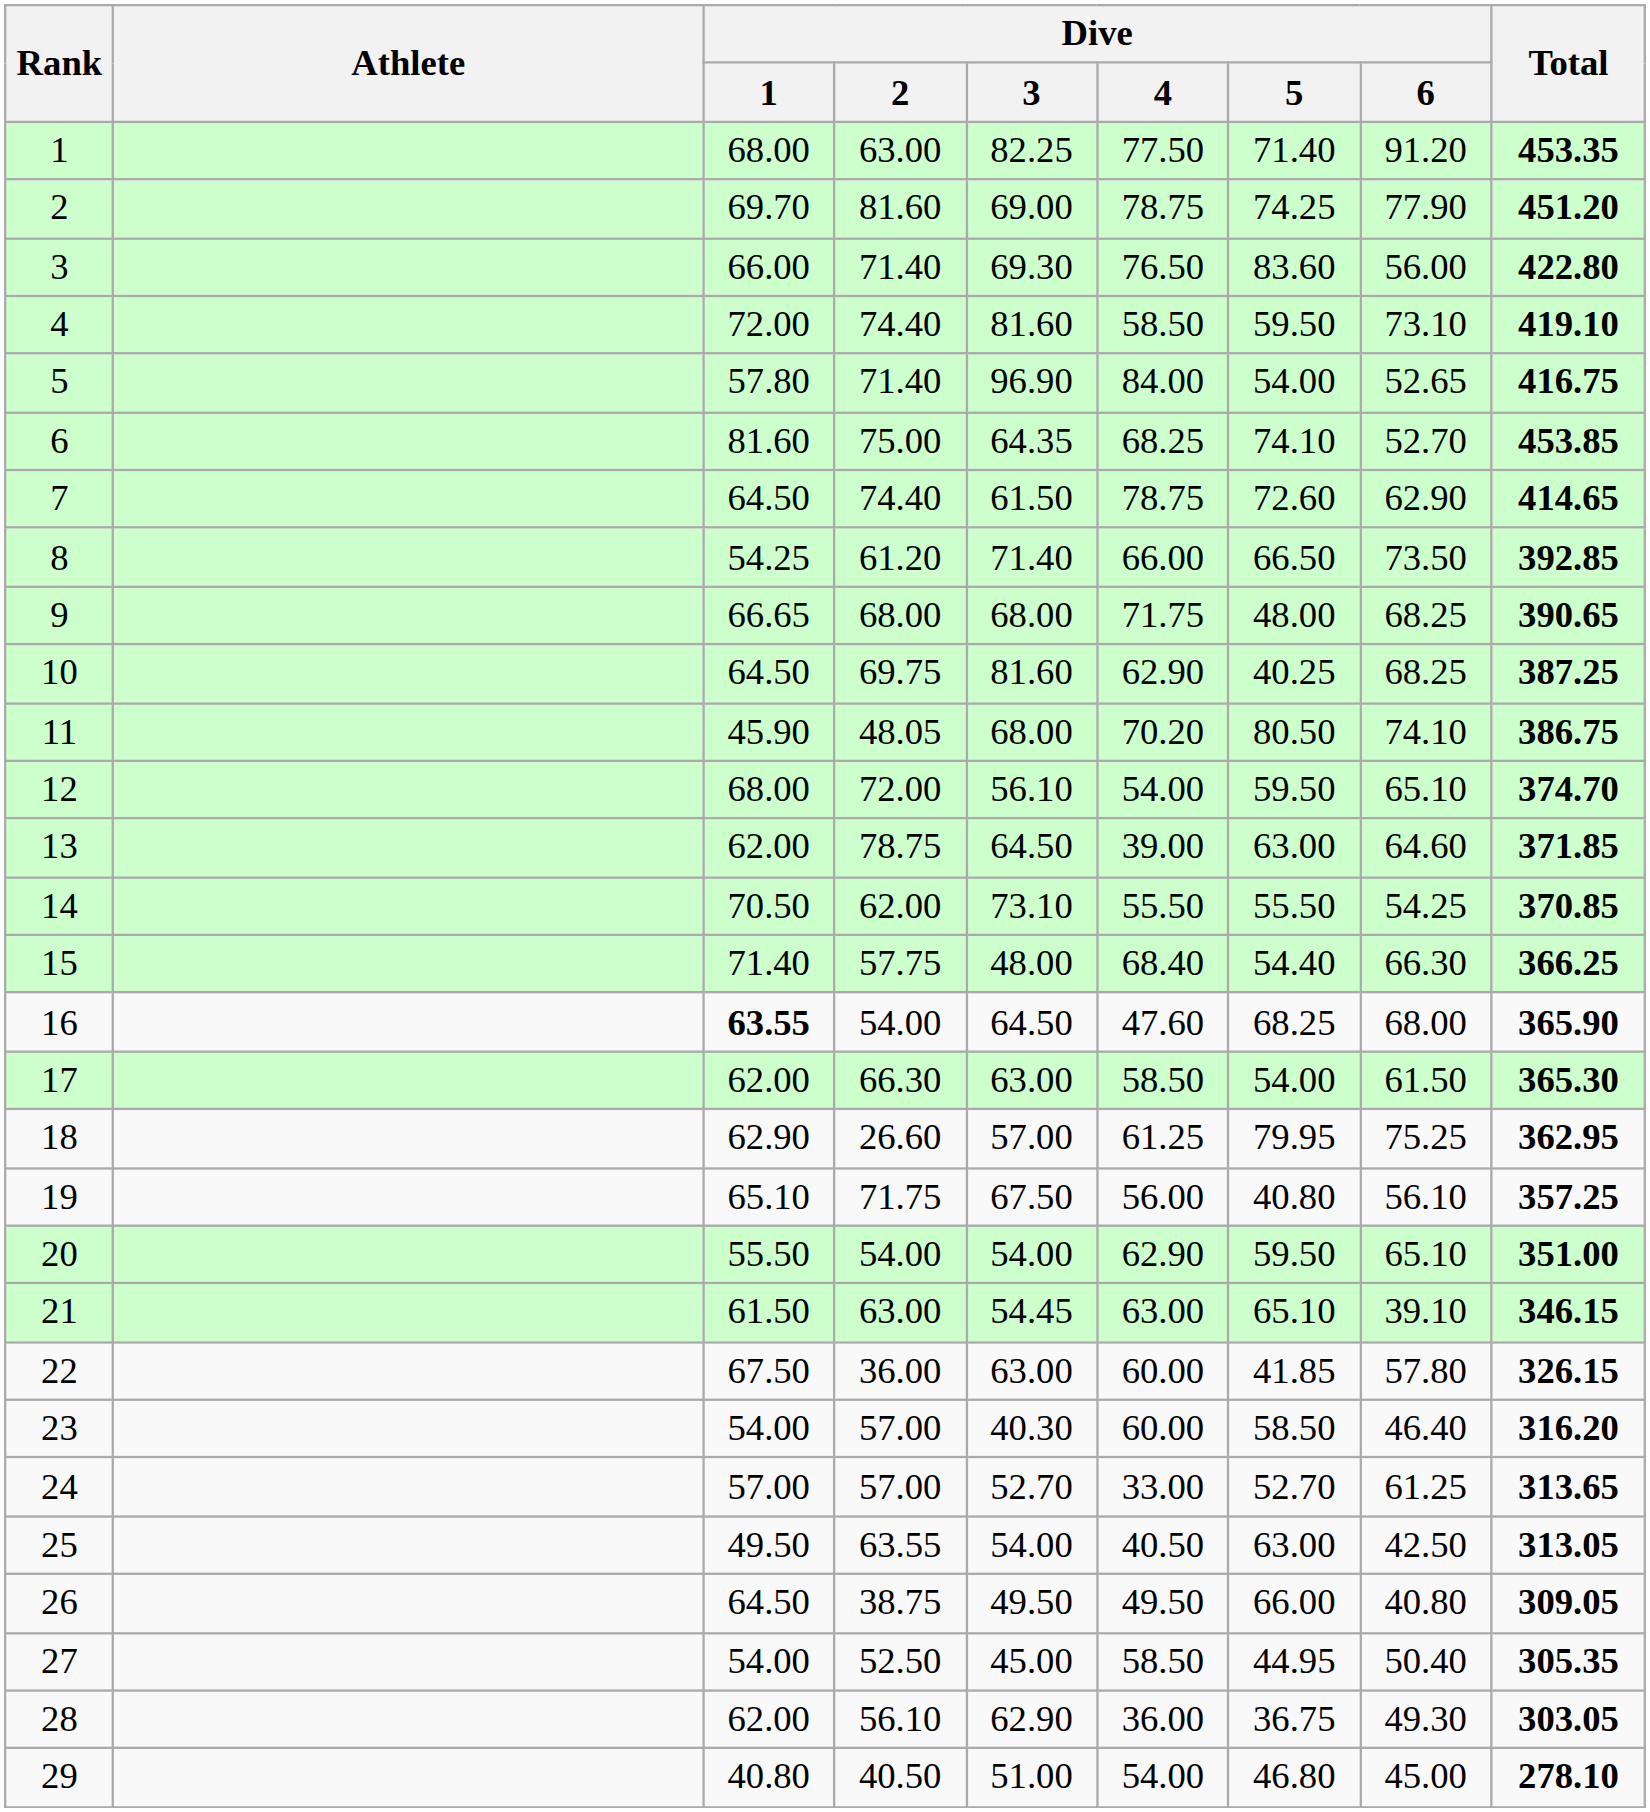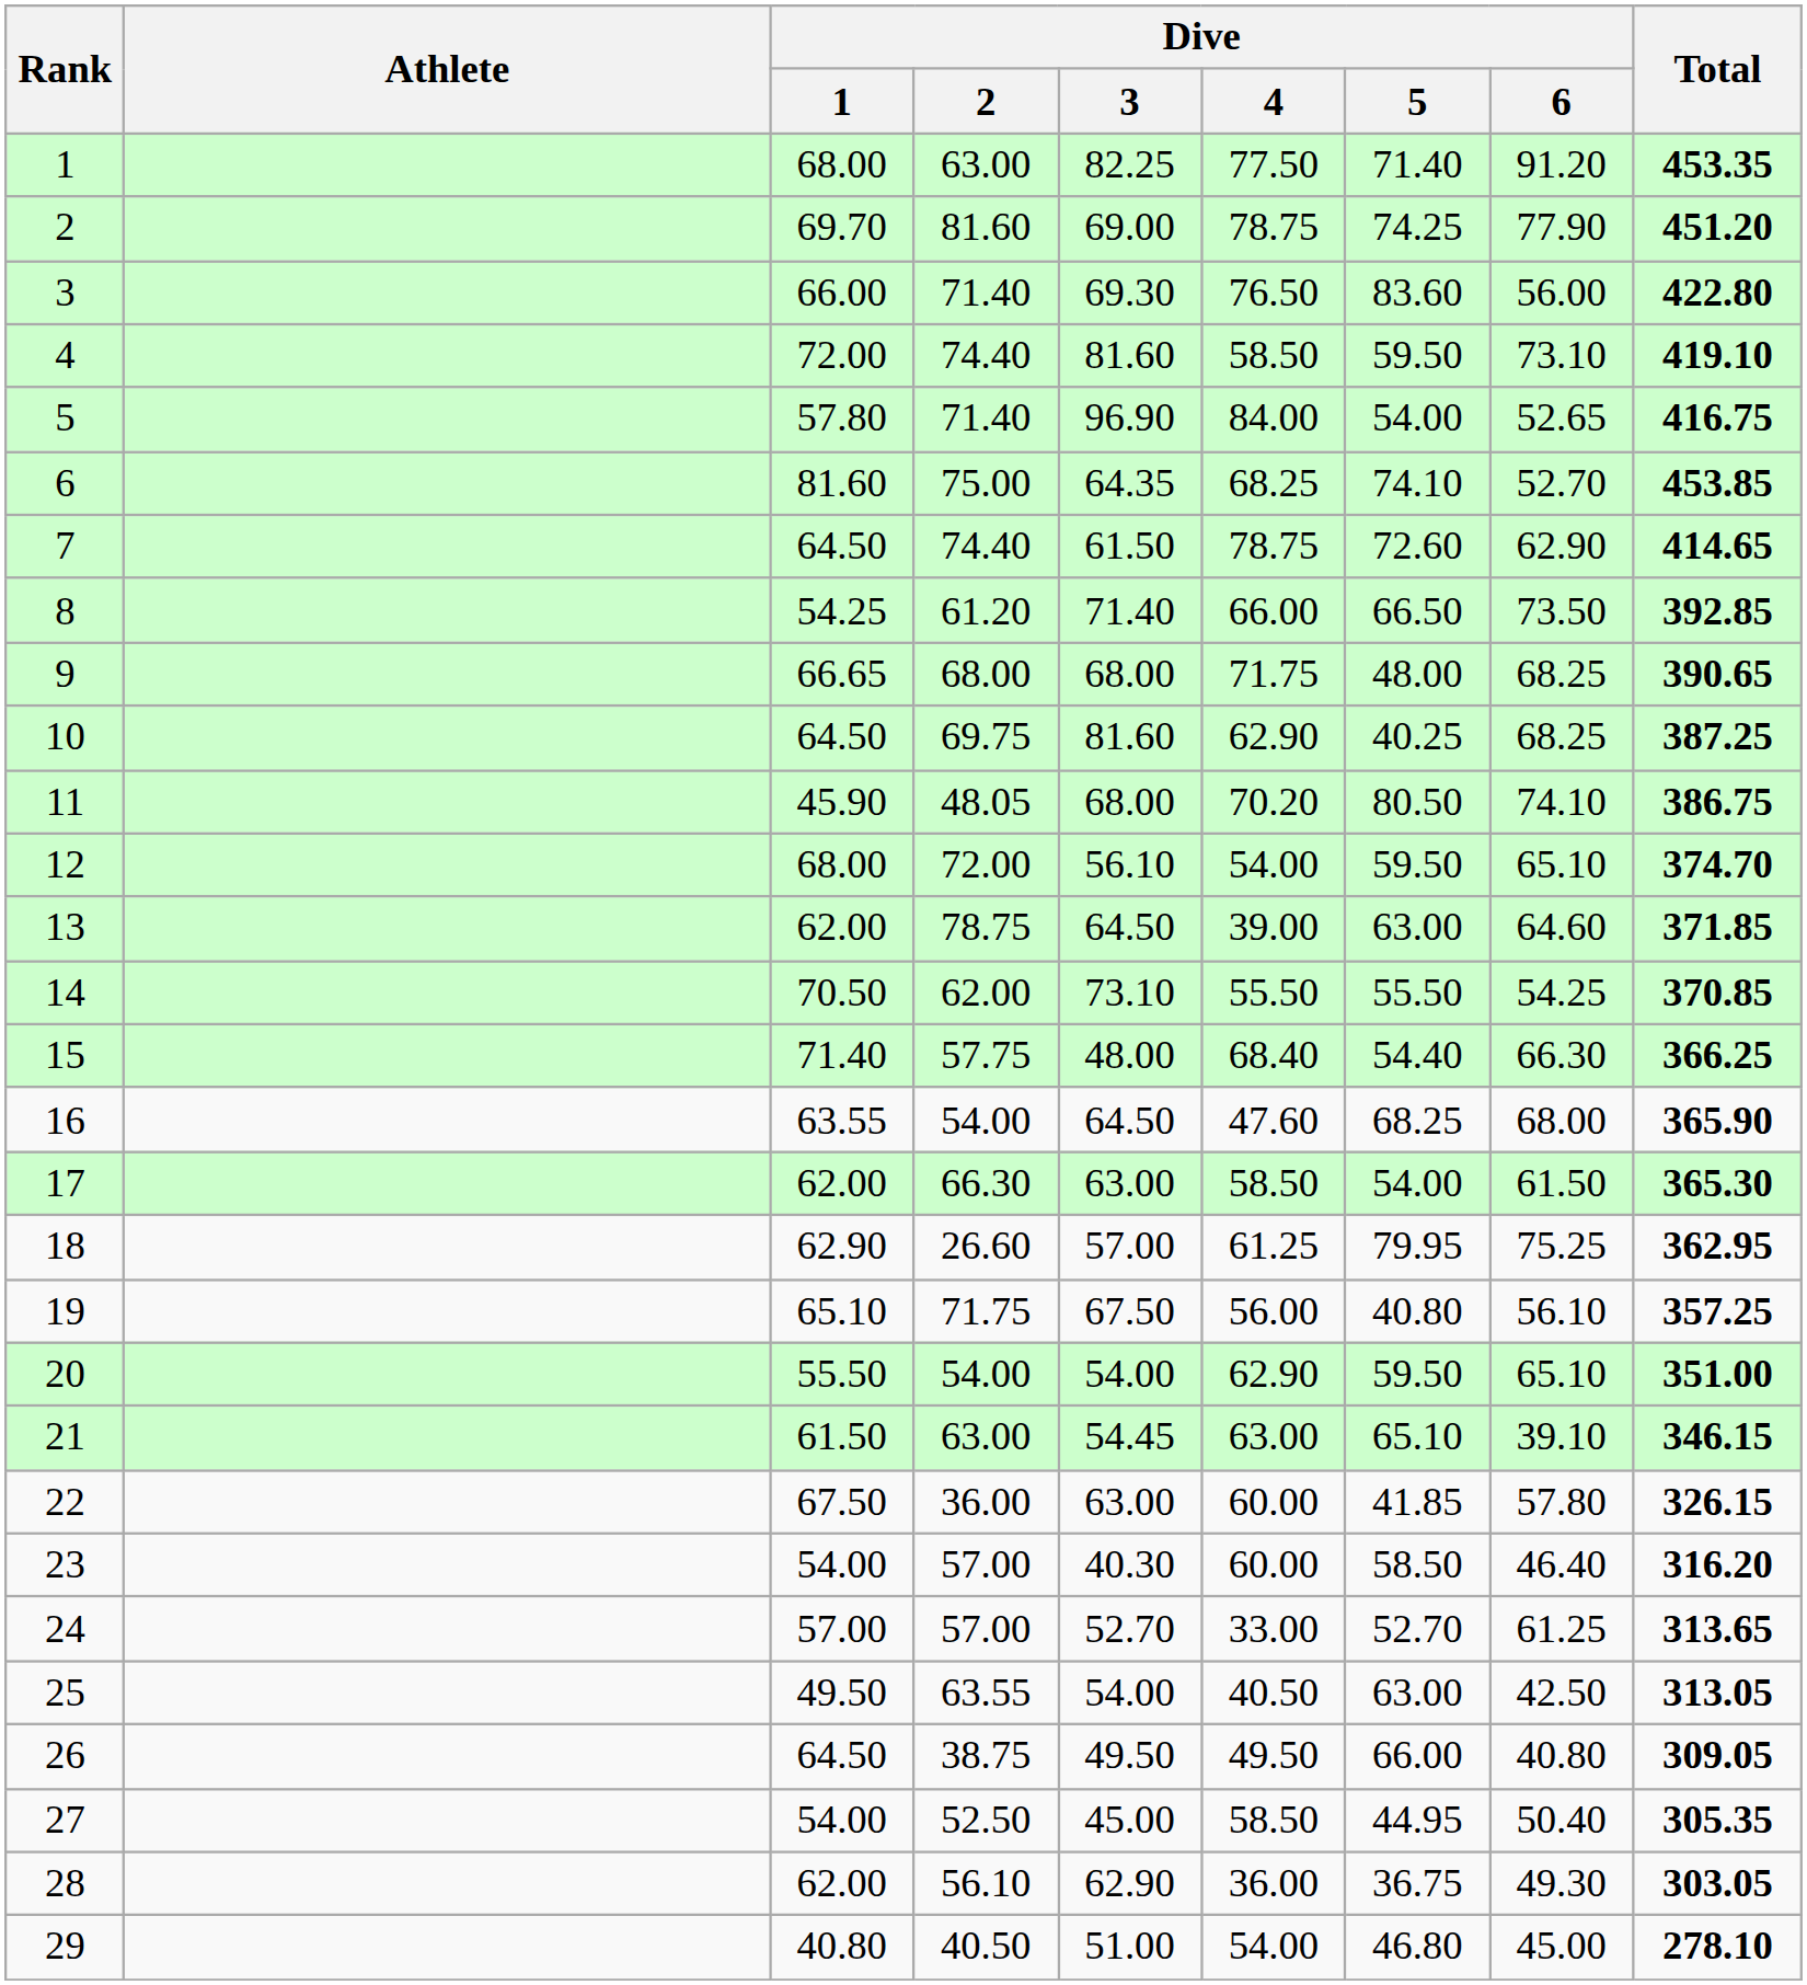 <table class="wikitable" style="text-align:center">
 <tr>
 <th rowspan="2" width="40">Rank</th>
 <th rowspan="2" width="250">Athlete</th>
 <th colspan="6">Dive</th>
 <th rowspan="2" width="60">Total</th>
 </tr>
 <tr>
 <th width="50">1</th>
 <th width="50">2</th>
 <th width="50">3</th>
 <th width="50">4</th>
 <th width="50">5</th>
 <th width="50">6</th>
 </tr>
 <tr bgcolor="ccffcc">
 <td>1</td>
 <td align="left"></td>
 <td>68.00</td>
 <td>63.00</td>
 <td>82.25</td>
 <td>77.50</td>
 <td>71.40</td>
 <td>91.20</td>
 <td><strong>453.35</strong></td>
 </tr>
 <tr bgcolor="ccffcc">
 <td>2</td>
 <td align="left"></td>
 <td>69.70</td>
 <td>81.60</td>
 <td>69.00</td>
 <td>78.75</td>
 <td>74.25</td>
 <td>77.90</td>
 <td><strong>451.20</strong></td>
 </tr>
 <tr bgcolor="ccffcc">
 <td>3</td>
 <td align="left"></td>
 <td>66.00</td>
 <td>71.40</td>
 <td>69.30</td>
 <td>76.50</td>
 <td>83.60</td>
 <td>56.00</td>
 <td><strong>422.80</strong></td>
 </tr>
 <tr bgcolor="ccffcc">
 <td>4</td>
 <td align="left"></td>
 <td>72.00</td>
 <td>74.40</td>
 <td>81.60</td>
 <td>58.50</td>
 <td>59.50</td>
 <td>73.10</td>
 <td><strong>419.10</strong></td>
 </tr>
 <tr bgcolor="ccffcc">
 <td>5</td>
 <td align="left"></td>
 <td>57.80</td>
 <td>71.40</td>
 <td>96.90</td>
 <td>84.00</td>
 <td>54.00</td>
 <td>52.65</td>
 <td><strong>416.75</strong></td>
 </tr>
 <tr bgcolor="ccffcc">
 <td>6</td>
 <td align="left"></td>
 <td>81.60</td>
 <td>75.00</td>
 <td>64.35</td>
 <td>68.25</td>
 <td>74.10</td>
 <td>52.70</td>
 <td><strong>453.85</strong></td>
 </tr>
 <tr bgcolor="ccffcc">
 <td>7</td>
 <td align="left"></td>
 <td>64.50</td>
 <td>74.40</td>
 <td>61.50</td>
 <td>78.75</td>
 <td>72.60</td>
 <td>62.90</td>
 <td><strong>414.65</strong></td>
 </tr>
 <tr bgcolor="ccffcc">
 <td>8</td>
 <td align="left"></td>
 <td>54.25</td>
 <td>61.20</td>
 <td>71.40</td>
 <td>66.00</td>
 <td>66.50</td>
 <td>73.50</td>
 <td><strong>392.85</strong></td>
 </tr>
 <tr bgcolor="ccffcc">
 <td>9</td>
 <td align="left"></td>
 <td>66.65</td>
 <td>68.00</td>
 <td>68.00</td>
 <td>71.75</td>
 <td>48.00</td>
 <td>68.25</td>
 <td><strong>390.65</strong></td>
 </tr>
 <tr bgcolor="ccffcc">
 <td>10</td>
 <td align="left"></td>
 <td>64.50</td>
 <td>69.75</td>
 <td>81.60</td>
 <td>62.90</td>
 <td>40.25</td>
 <td>68.25</td>
 <td><strong>387.25</strong></td>
 </tr>
 <tr bgcolor="ccffcc">
 <td>11</td>
 <td align="left"></td>
 <td>45.90</td>
 <td>48.05</td>
 <td>68.00</td>
 <td>70.20</td>
 <td>80.50</td>
 <td>74.10</td>
 <td><strong>386.75</strong></td>
 </tr>
 <tr bgcolor="ccffcc">
 <td>12</td>
 <td align="left"></td>
 <td>68.00</td>
 <td>72.00</td>
 <td>56.10</td>
 <td>54.00</td>
 <td>59.50</td>
 <td>65.10</td>
 <td><strong>374.70</strong></td>
 </tr>
 <tr bgcolor="ccffcc">
 <td>13</td>
 <td align="left"></td>
 <td>62.00</td>
 <td>78.75</td>
 <td>64.50</td>
 <td>39.00</td>
 <td>63.00</td>
 <td>64.60</td>
 <td><strong>371.85</strong></td>
 </tr>
 <tr bgcolor="ccffcc">
 <td>14</td>
 <td align="left"></td>
 <td>70.50</td>
 <td>62.00</td>
 <td>73.10</td>
 <td>55.50</td>
 <td>55.50</td>
 <td>54.25</td>
 <td><strong>370.85</strong></td>
 </tr>
 <tr bgcolor="ccffcc">
 <td>15</td>
 <td align="left"></td>
 <td>71.40</td>
 <td>57.75</td>
 <td>48.00</td>
 <td>68.40</td>
 <td>54.40</td>
 <td>66.30</td>
 <td><strong>366.25</strong></td>
 </tr>
 <tr>
 <td>16</td>
 <td align="left"></td>
-<td><strong>63.55</strong></td>
+<td>63.55</td>
 <td>54.00</td>
 <td>64.50</td>
 <td>47.60</td>
 <td>68.25</td>
 <td>68.00</td>
 <td><strong>365.90</strong></td>
 </tr>
 <tr bgcolor="ccffcc">
 <td>17</td>
 <td align="left"></td>
 <td>62.00</td>
 <td>66.30</td>
 <td>63.00</td>
 <td>58.50</td>
 <td>54.00</td>
 <td>61.50</td>
 <td><strong>365.30</strong></td>
 </tr>
 <tr>
 <td>18</td>
 <td align="left"></td>
 <td>62.90</td>
 <td>26.60</td>
 <td>57.00</td>
 <td>61.25</td>
 <td>79.95</td>
 <td>75.25</td>
 <td><strong>362.95</strong></td>
 </tr>
 <tr>
 <td>19</td>
 <td align="left"></td>
 <td>65.10</td>
 <td>71.75</td>
 <td>67.50</td>
 <td>56.00</td>
 <td>40.80</td>
 <td>56.10</td>
 <td><strong>357.25</strong></td>
 </tr>
 <tr bgcolor="ccffcc">
 <td>20</td>
 <td align="left"></td>
 <td>55.50</td>
 <td>54.00</td>
 <td>54.00</td>
 <td>62.90</td>
 <td>59.50</td>
 <td>65.10</td>
 <td><strong>351.00</strong></td>
 </tr>
 <tr bgcolor="ccffcc">
 <td>21</td>
 <td align="left"></td>
 <td>61.50</td>
 <td>63.00</td>
 <td>54.45</td>
 <td>63.00</td>
 <td>65.10</td>
 <td>39.10</td>
 <td><strong>346.15</strong></td>
 </tr>
 <tr>
 <td>22</td>
 <td align="left"></td>
 <td>67.50</td>
 <td>36.00</td>
 <td>63.00</td>
 <td>60.00</td>
 <td>41.85</td>
 <td>57.80</td>
 <td><strong>326.15</strong></td>
 </tr>
 <tr>
 <td>23</td>
 <td align="left"></td>
 <td>54.00</td>
 <td>57.00</td>
 <td>40.30</td>
 <td>60.00</td>
 <td>58.50</td>
 <td>46.40</td>
 <td><strong>316.20</strong></td>
 </tr>
 <tr>
 <td>24</td>
 <td align="left"></td>
 <td>57.00</td>
 <td>57.00</td>
 <td>52.70</td>
 <td>33.00</td>
 <td>52.70</td>
 <td>61.25</td>
 <td><strong>313.65</strong></td>
 </tr>
 <tr>
 <td>25</td>
 <td align="left"></td>
 <td>49.50</td>
 <td>63.55</td>
 <td>54.00</td>
 <td>40.50</td>
 <td>63.00</td>
 <td>42.50</td>
 <td><strong>313.05</strong></td>
 </tr>
 <tr>
 <td>26</td>
 <td align="left"></td>
 <td>64.50</td>
 <td>38.75</td>
 <td>49.50</td>
 <td>49.50</td>
 <td>66.00</td>
 <td>40.80</td>
 <td><strong>309.05</strong></td>
 </tr>
 <tr>
 <td>27</td>
 <td align="left"></td>
 <td>54.00</td>
 <td>52.50</td>
 <td>45.00</td>
 <td>58.50</td>
 <td>44.95</td>
 <td>50.40</td>
 <td><strong>305.35</strong></td>
 </tr>
 <tr>
 <td>28</td>
 <td align="left"></td>
 <td>62.00</td>
 <td>56.10</td>
 <td>62.90</td>
 <td>36.00</td>
 <td>36.75</td>
 <td>49.30</td>
 <td><strong>303.05</strong></td>
 </tr>
 <tr>
 <td>29</td>
 <td align="left"></td>
 <td>40.80</td>
 <td>40.50</td>
 <td>51.00</td>
 <td>54.00</td>
 <td>46.80</td>
 <td>45.00</td>
 <td><strong>278.10</strong></td>
 </tr>
 </table>
